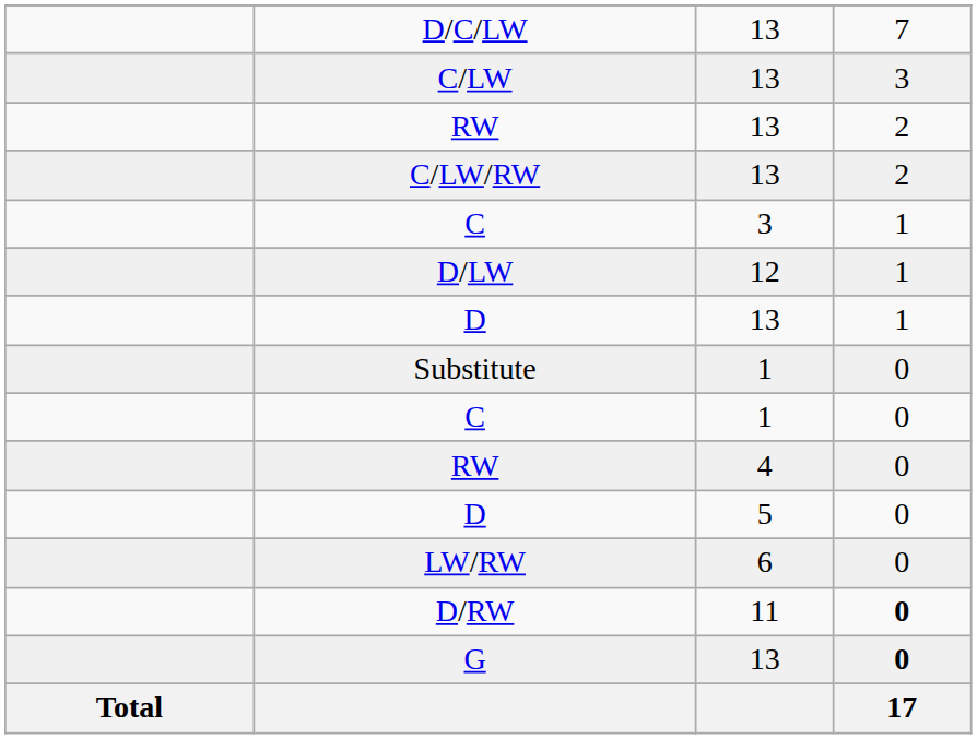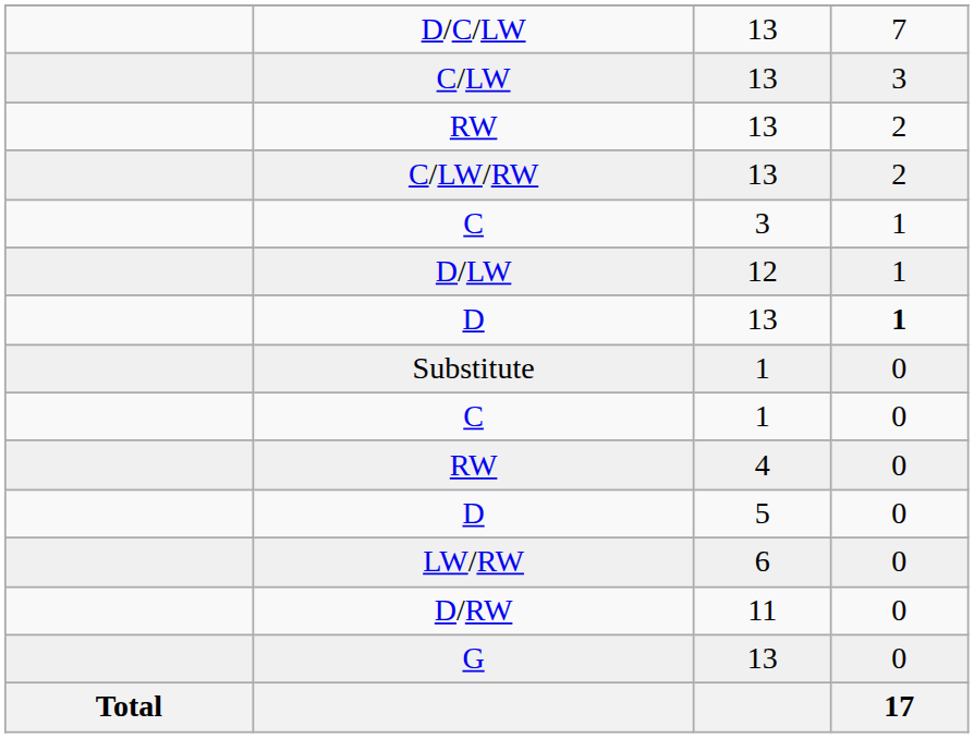 <table class="wikitable sortable" width ="40%">
 <tr align="center">
 </tr>
 <tr align="center" bgcolor="">
 <td></td>
 <td><a href='#'>D</a>/<a href='#'>C</a>/<a href='#'>LW</a></td>
 <td>13</td>
 <td>7</td>
 </tr>
 <tr align="center" bgcolor="f0f0f0">
 <td></td>
 <td><a href='#'>C</a>/<a href='#'>LW</a></td>
 <td>13</td>
 <td>3</td>
 </tr>
 <tr align="center" bgcolor="">
 <td></td>
 <td><a href='#'>RW</a></td>
 <td>13</td>
 <td>2</td>
 </tr>
 <tr align="center" bgcolor="f0f0f0">
 <td></td>
 <td><a href='#'>C</a>/<a href='#'>LW</a>/<a href='#'>RW</a></td>
 <td>13</td>
 <td>2</td>
 </tr>
 <tr align="center" bgcolor="">
 <td></td>
 <td><a href='#'>C</a></td>
 <td>3</td>
 <td>1</td>
 </tr>
 <tr align="center" bgcolor="f0f0f0">
 <td></td>
 <td><a href='#'>D</a>/<a href='#'>LW</a></td>
 <td>12</td>
 <td>1</td>
 </tr>
 <tr align="center" bgcolor="">
 <td></td>
 <td><a href='#'>D</a></td>
 <td>13</td>
-<td>1</td>
+<td><strong>1</strong></td>
 </tr>
 <tr align="center" bgcolor="f0f0f0">
 <td></td>
 <td>Substitute</td>
 <td>1</td>
 <td>0</td>
 </tr>
 <tr align="center" bgcolor="">
 <td></td>
 <td><a href='#'>C</a></td>
 <td>1</td>
 <td>0</td>
 </tr>
 <tr align="center" bgcolor="f0f0f0">
 <td></td>
 <td><a href='#'>RW</a></td>
 <td>4</td>
 <td>0</td>
 </tr>
 <tr align="center" bgcolor="">
 <td></td>
 <td><a href='#'>D</a></td>
 <td>5</td>
 <td>0</td>
 </tr>
 <tr align="center" bgcolor="f0f0f0">
 <td></td>
 <td><a href='#'>LW</a>/<a href='#'>RW</a></td>
 <td>6</td>
 <td>0</td>
 </tr>
 <tr align="center" bgcolor="">
 <td></td>
 <td><a href='#'>D</a>/<a href='#'>RW</a></td>
 <td>11</td>
-<td><strong>0</strong></td>
+<td>0</td>
 </tr>
 <tr align="center" bgcolor="f0f0f0">
 <td></td>
 <td><a href='#'>G</a></td>
 <td>13</td>
-<td><strong>0</strong></td>
+<td>0</td>
 </tr>
 <tr>
 <th>Total</th>
 <th></th>
 <th></th>
 <th>17</th>
 </tr>
 </table>
